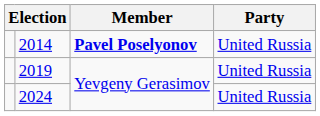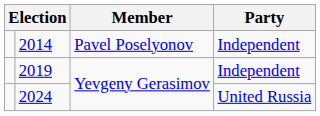 <table class="wikitable">
 <tr>
 <th colspan="2">Election</th>
 <th>Member</th>
 <th>Party</th>
 </tr>
 <tr>
 <td style="background-color:"></td>
 <td><a href='#'>2014</a></td>
-<td><strong><a href='#'>Pavel Poselyonov</a></strong></td>
-<td><a href='#'>United Russia</a></td>
+<td><a href='#'>Pavel Poselyonov</a></td>
+<td><a href='#'>Independent</a></td>
 </tr>
 <tr>
 <td style="background-color:"></td>
 <td><a href='#'>2019</a></td>
 <td rowspan=2><a href='#'>Yevgeny Gerasimov</a></td>
-<td><a href='#'>United Russia</a></td>
+<td><a href='#'>Independent</a></td>
 </tr>
 <tr>
 <td style="background-color:"></td>
 <td><a href='#'>2024</a></td>
 <td><a href='#'>United Russia</a></td>
 </tr>
 </table>
